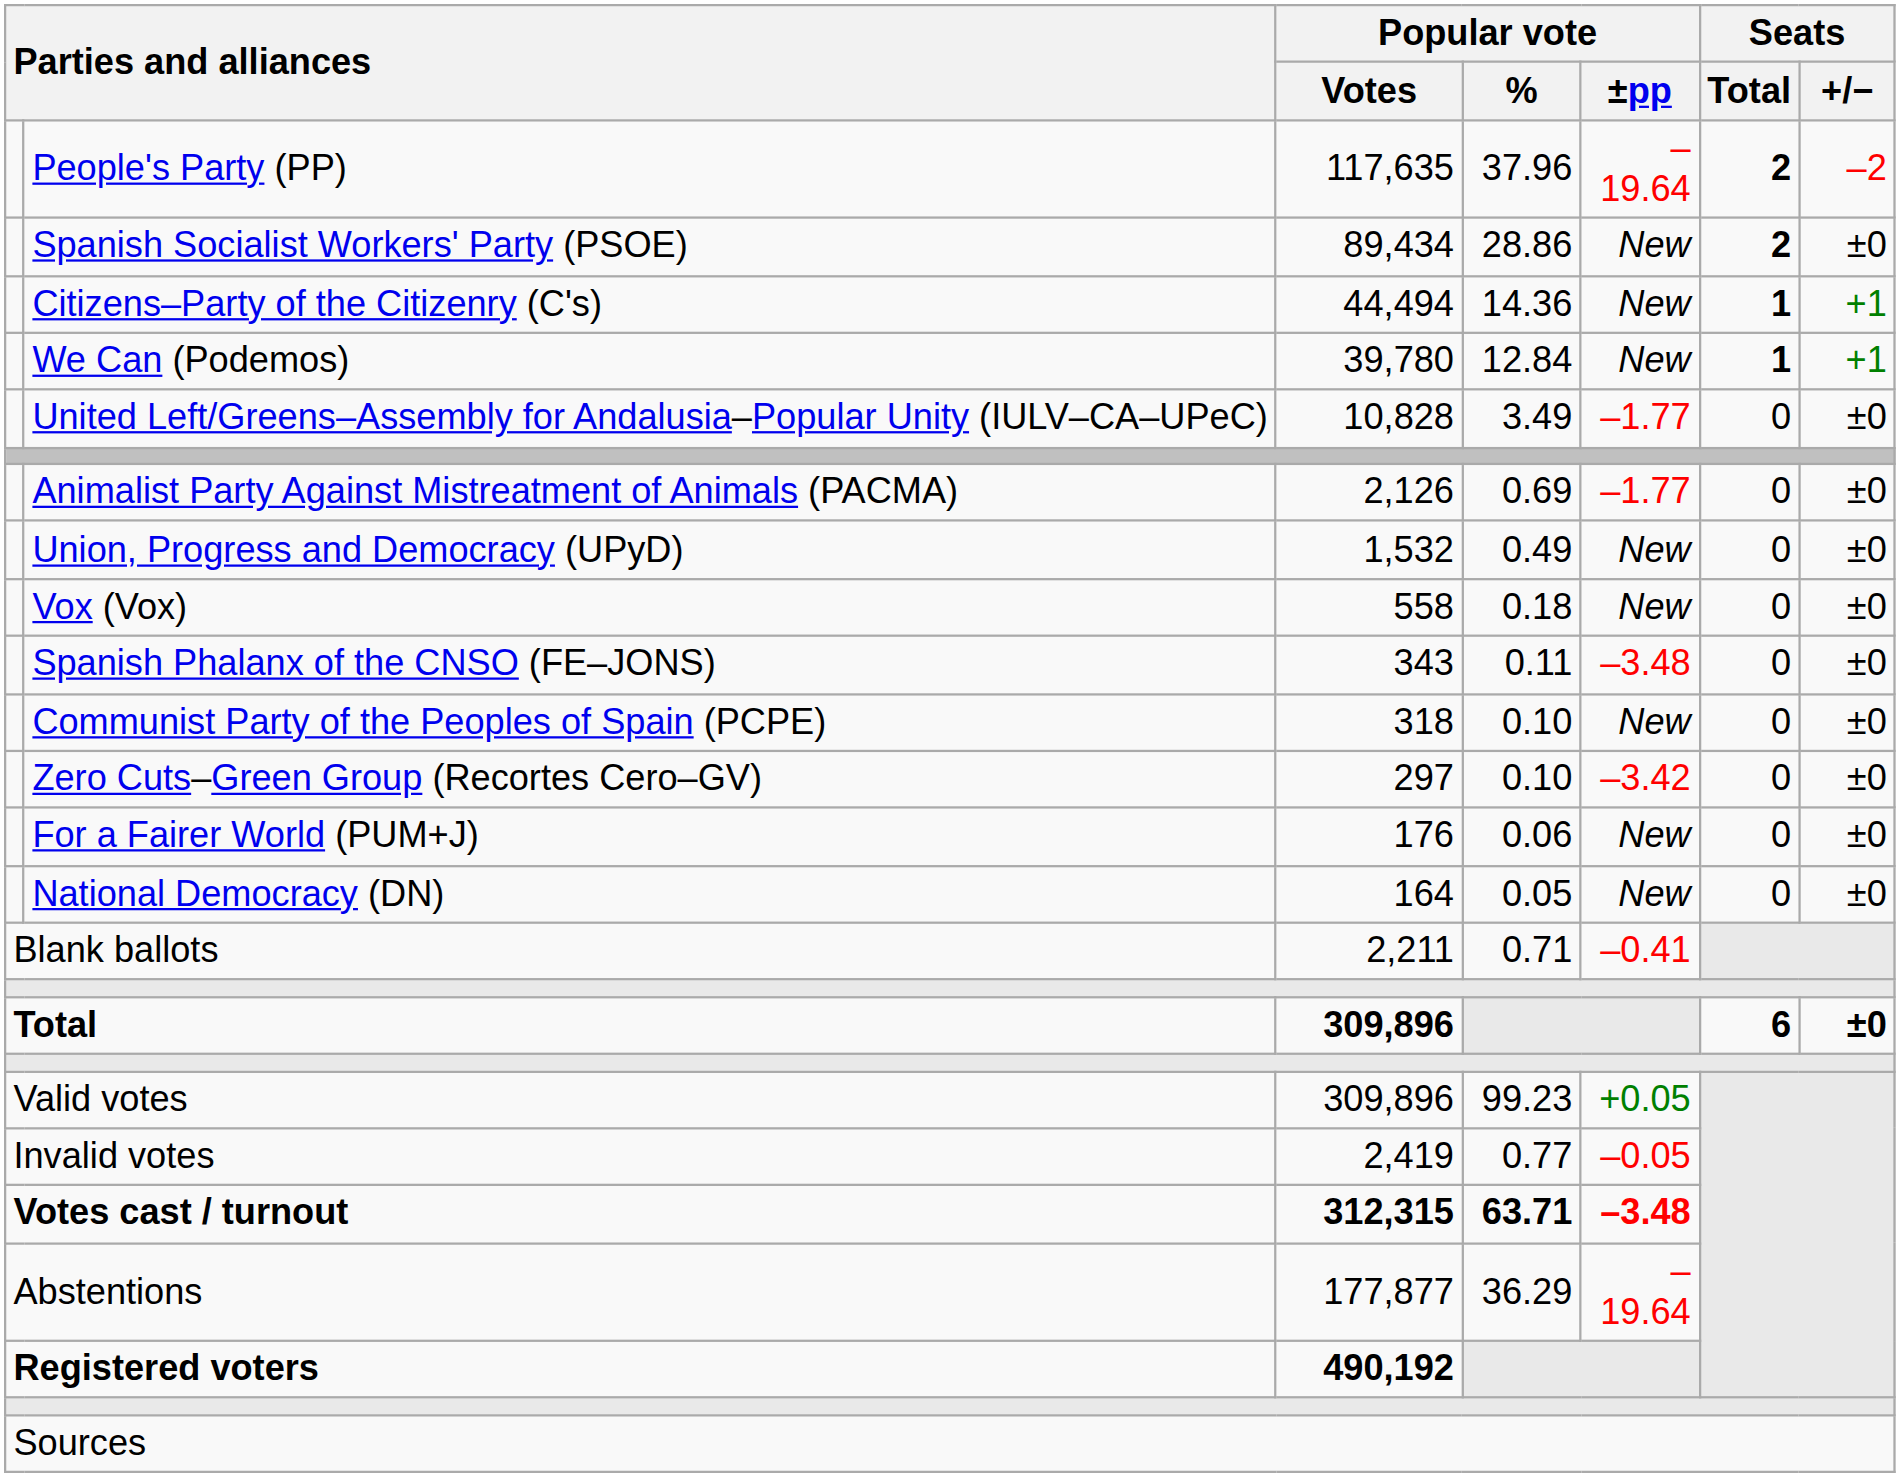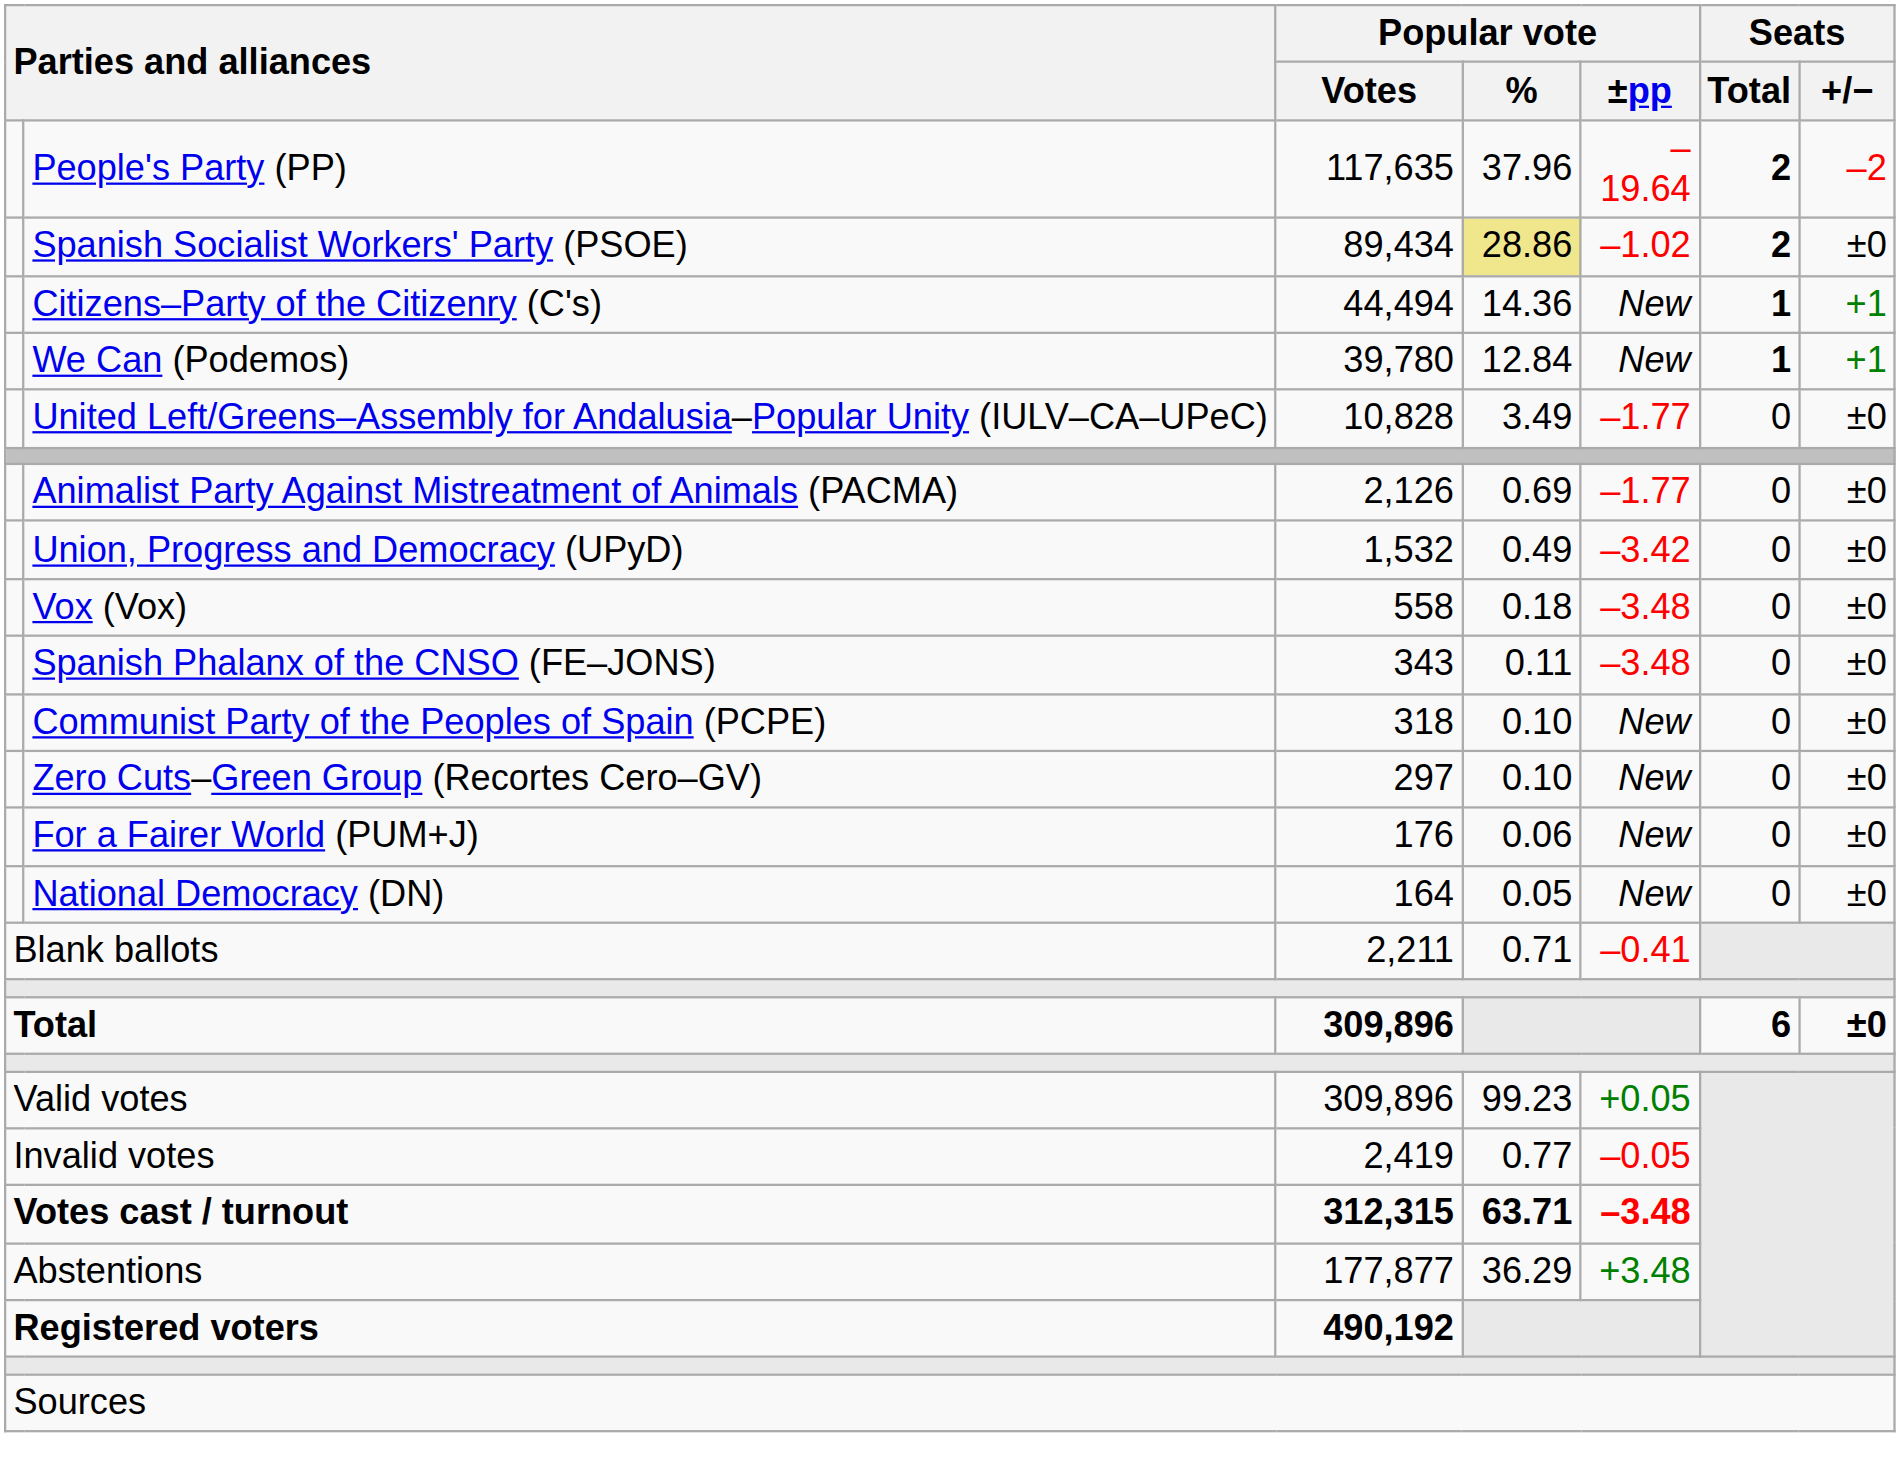 <table class="wikitable" style="text-align:right;">
 <tr>
 <th style="text-align:left;" rowspan="2" colspan="2" width="525">Parties and alliances</th>
 <th colspan="3">Popular vote</th>
 <th colspan="2">Seats</th>
 </tr>
 <tr>
 <th width="75">Votes</th>
 <th width="45">%</th>
 <th width="45">±<a href='#'>pp</a></th>
 <th width="35">Total</th>
 <th width="35">+/−</th>
 </tr>
 <tr>
 <td width="1" style="color:inherit;background:"></td>
 <td align="left"><a href='#'>People's Party</a> (PP)</td>
 <td>117,635</td>
 <td>37.96</td>
 <td style="color:red;">–19.64</td>
 <td><strong>2</strong></td>
 <td style="color:red;">–2</td>
 </tr>
 <tr>
 <td style="color:inherit;background:"></td>
 <td align="left"><a href='#'>Spanish Socialist Workers' Party</a> (PSOE)</td>
 <td>89,434</td>
-<td>28.86</td>
-<td><em>New</em></td>
+<td style="background: khaki;">28.86</td>
+<td style="color:red;">–1.02</td>
 <td><strong>2</strong></td>
 <td>±0</td>
 </tr>
 <tr>
 <td style="color:inherit;background:"></td>
 <td align="left"><a href='#'>Citizens–Party of the Citizenry</a> (C's)</td>
 <td>44,494</td>
 <td>14.36</td>
 <td><em>New</em></td>
 <td><strong>1</strong></td>
 <td style="color:green;">+1</td>
 </tr>
 <tr>
 <td style="color:inherit;background:"></td>
 <td align="left"><a href='#'>We Can</a> (Podemos)</td>
 <td>39,780</td>
 <td>12.84</td>
 <td><em>New</em></td>
 <td><strong>1</strong></td>
 <td style="color:green;">+1</td>
 </tr>
 <tr>
 <td style="color:inherit;background:"></td>
 <td align="left"><a href='#'>United Left/Greens–Assembly for Andalusia</a>–<a href='#'>Popular Unity</a> (IULV–CA–UPeC)</td>
 <td>10,828</td>
 <td>3.49</td>
 <td style="color:red;">–1.77</td>
 <td>0</td>
 <td>±0</td>
 </tr>
 <tr>
 <td colspan="7" bgcolor="#C0C0C0"></td>
 </tr>
 <tr>
 <td style="color:inherit;background:"></td>
 <td align="left"><a href='#'>Animalist Party Against Mistreatment of Animals</a> (PACMA)</td>
 <td>2,126</td>
 <td>0.69</td>
 <td style="color:red;">–1.77</td>
 <td>0</td>
 <td>±0</td>
 </tr>
 <tr>
 <td style="color:inherit;background:"></td>
 <td align="left"><a href='#'>Union, Progress and Democracy</a> (UPyD)</td>
 <td>1,532</td>
 <td>0.49</td>
-<td><em>New</em></td>
+<td style="color:red;">–3.42</td>
 <td>0</td>
 <td>±0</td>
 </tr>
 <tr>
 <td style="color:inherit;background:"></td>
 <td align="left"><a href='#'>Vox</a> (Vox)</td>
 <td>558</td>
 <td>0.18</td>
-<td><em>New</em></td>
+<td style="color:red;">–3.48</td>
 <td>0</td>
 <td>±0</td>
 </tr>
 <tr>
 <td style="color:inherit;background:"></td>
 <td align="left"><a href='#'>Spanish Phalanx of the CNSO</a> (FE–JONS)</td>
 <td>343</td>
 <td>0.11</td>
 <td style="color:red;">–3.48</td>
 <td>0</td>
 <td>±0</td>
 </tr>
 <tr>
 <td style="color:inherit;background:"></td>
 <td align="left"><a href='#'>Communist Party of the Peoples of Spain</a> (PCPE)</td>
 <td>318</td>
 <td>0.10</td>
 <td><em>New</em></td>
 <td>0</td>
 <td>±0</td>
 </tr>
 <tr>
 <td style="color:inherit;background:"></td>
 <td align="left"><a href='#'>Zero Cuts</a>–<a href='#'>Green Group</a> (Recortes Cero–GV)</td>
 <td>297</td>
 <td>0.10</td>
-<td style="color:red;">–3.42</td>
+<td><em>New</em></td>
 <td>0</td>
 <td>±0</td>
 </tr>
 <tr>
 <td style="color:inherit;background:"></td>
 <td align="left"><a href='#'>For a Fairer World</a> (PUM+J)</td>
 <td>176</td>
 <td>0.06</td>
 <td><em>New</em></td>
 <td>0</td>
 <td>±0</td>
 </tr>
 <tr>
 <td style="color:inherit;background:"></td>
 <td align="left"><a href='#'>National Democracy</a> (DN)</td>
 <td>164</td>
 <td>0.05</td>
 <td><em>New</em></td>
 <td>0</td>
 <td>±0</td>
 </tr>
 <tr>
 <td align="left" colspan="2">Blank ballots</td>
 <td>2,211</td>
 <td>0.71</td>
 <td style="color:red;">–0.41</td>
 <td bgcolor="#E9E9E9" colspan="2"></td>
 </tr>
 <tr>
 <td colspan="7" bgcolor="#E9E9E9"></td>
 </tr>
 <tr style="font-weight:bold;">
 <td align="left" colspan="2">Total</td>
 <td>309,896</td>
 <td bgcolor="#E9E9E9" colspan="2"></td>
 <td>6</td>
 <td>±0</td>
 </tr>
 <tr>
 <td colspan="7" bgcolor="#E9E9E9"></td>
 </tr>
 <tr>
 <td align="left" colspan="2">Valid votes</td>
 <td>309,896</td>
 <td>99.23</td>
 <td style="color:green;">+0.05</td>
 <td bgcolor="#E9E9E9" colspan="2" rowspan="5"></td>
 </tr>
 <tr>
 <td align="left" colspan="2">Invalid votes</td>
 <td>2,419</td>
 <td>0.77</td>
 <td style="color:red;">–0.05</td>
 </tr>
 <tr style="font-weight:bold;">
 <td align="left" colspan="2">Votes cast / turnout</td>
 <td>312,315</td>
 <td>63.71</td>
 <td style="color:red;">–3.48</td>
 </tr>
 <tr>
 <td align="left" colspan="2">Abstentions</td>
 <td>177,877</td>
 <td>36.29</td>
-<td style="color:red;">–19.64</td>
+<td style="color:green;">+3.48</td>
 </tr>
 <tr style="font-weight:bold;">
 <td align="left" colspan="2">Registered voters</td>
 <td>490,192</td>
 <td bgcolor="#E9E9E9" colspan="2"></td>
 </tr>
 <tr>
 <td colspan="7" bgcolor="#E9E9E9"></td>
 </tr>
 <tr>
 <td align="left" colspan="7">Sources</td>
 </tr>
 </table>
